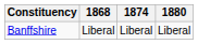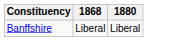 <table class="wikitable">
 <tr>
 <th>Constituency</th>
 <th>1868</th>
-<th>1874</th>
 <th>1880</th>
 </tr>
 <tr>
 <td><a href='#'>Banffshire</a></td>
 <td>Liberal</td>
 <td>Liberal</td>
-<td>Liberal</td>
 </tr>
 </table>
